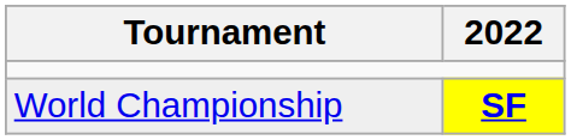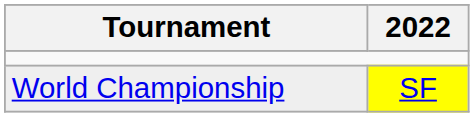 <table class="wikitable" style="width:20%; margin:0">
 <tr>
 <th>Tournament</th>
 <th>2022</th>
 </tr>
 <tr>
 <td colspan="10" align="left"><strong></strong></td>
 </tr>
 <tr>
 <td style="background:#efefef;"><a href='#'>World Championship</a></td>
-<td style="text-align:center; background:yellow;"><strong><a href='#'>SF</a></strong></td>
+<td style="text-align:center; background:yellow;"><a href='#'>SF</a></td>
 </tr>
 </table>
